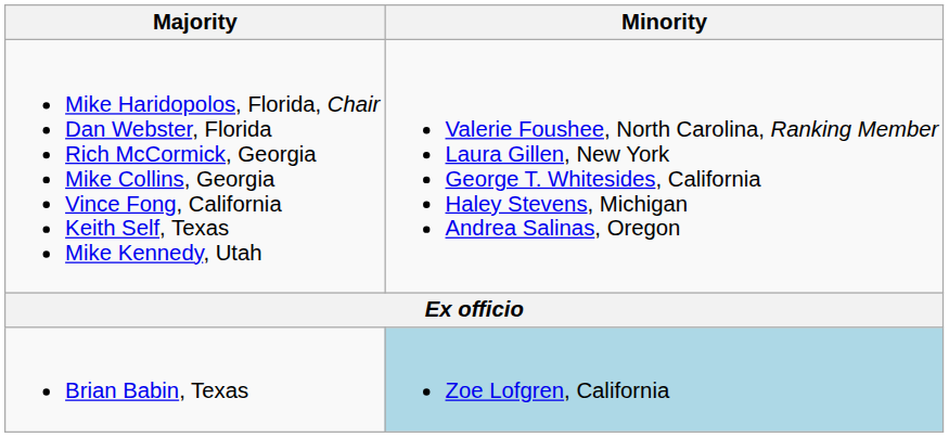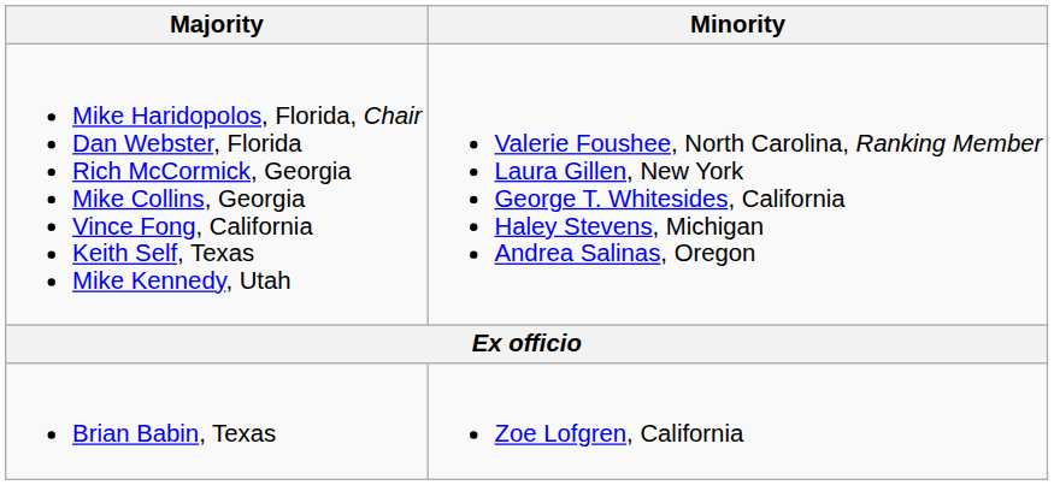 <table class=wikitable>
 <tr>
 <th>Majority</th>
 <th>Minority</th>
 </tr>
 <tr>
 <td><br><ul><li><a href='#'>Mike Haridopolos</a>, Florida, <em>Chair</em></li><li><a href='#'>Dan Webster</a>, Florida</li><li><a href='#'>Rich McCormick</a>, Georgia</li><li><a href='#'>Mike Collins</a>, Georgia</li><li><a href='#'>Vince Fong</a>, California</li><li><a href='#'>Keith Self</a>, Texas</li><li><a href='#'>Mike Kennedy</a>, Utah</li></ul></td>
 <td><br><ul><li><a href='#'>Valerie Foushee</a>, North Carolina, <em>Ranking Member</em></li><li><a href='#'>Laura Gillen</a>, New York</li><li><a href='#'>George T. Whitesides</a>, California</li><li><a href='#'>Haley Stevens</a>, Michigan</li><li><a href='#'>Andrea Salinas</a>, Oregon</li></ul></td>
 </tr>
 <tr>
 <th colspan=2><em>Ex officio</em></th>
 </tr>
 <tr>
 <td><br><ul><li><a href='#'>Brian Babin</a>, Texas</li></ul></td>
-<td style="background: lightblue;"><br><ul><li><a href='#'>Zoe Lofgren</a>, California</li></ul></td>
+<td><br><ul><li><a href='#'>Zoe Lofgren</a>, California</li></ul></td>
 </tr>
 </table>
